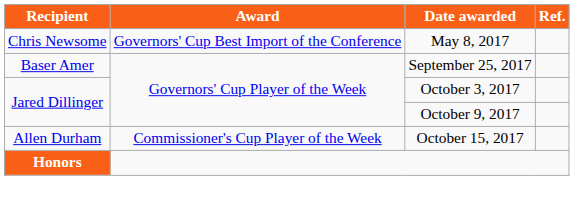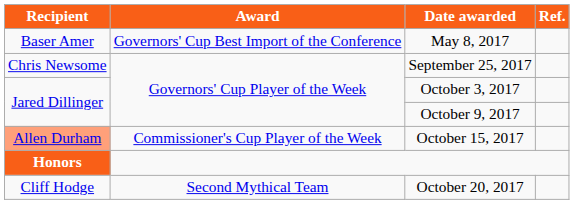 <table class="wikitable sortable sortable" style="text-align: center">
 <tr>
 <th style="background:#F95F17; color:#FFFFFF; ">Recipient</th>
 <th style="background:#F95F17; color:#FFFFFF; ">Award</th>
 <th style="background:#F95F17; color:#FFFFFF; ">Date awarded</th>
 <th style="background:#F95F17; color:#FFFFFF; ">Ref.</th>
 </tr>
 <tr>
-<td><a href='#'>Chris Newsome</a></td>
+<td><a href='#'>Baser Amer</a></td>
 <td><a href='#'>Governors' Cup Best Import of the Conference</a></td>
 <td>May 8, 2017</td>
 <td></td>
 </tr>
 <tr>
-<td><a href='#'>Baser Amer</a></td>
+<td><a href='#'>Chris Newsome</a></td>
 <td rowspan=3><a href='#'>Governors' Cup Player of the Week</a></td>
 <td>September 25, 2017</td>
 <td></td>
 </tr>
 <tr>
 <td rowspan=2><a href='#'>Jared Dillinger</a></td>
 <td>October 3, 2017</td>
 <td></td>
 </tr>
 <tr>
 <td>October 9, 2017</td>
 <td></td>
 </tr>
 <tr>
-<td><a href='#'>Allen Durham</a></td>
+<td style="background: lightsalmon;"><a href='#'>Allen Durham</a></td>
 <td><a href='#'>Commissioner's Cup Player of the Week</a></td>
 <td>October 15, 2017</td>
 <td></td>
 </tr>
 <tr>
 <th style="background:#F95F17; color:#FFFFFF; ">Honors</th>
 </tr>
+<tr>
+<td><a href='#'>Cliff Hodge</a></td>
+<td><a href='#'>Second Mythical Team</a></td>
+<td>October 20, 2017</td>
+<td></td>
+</tr>
 </table>
